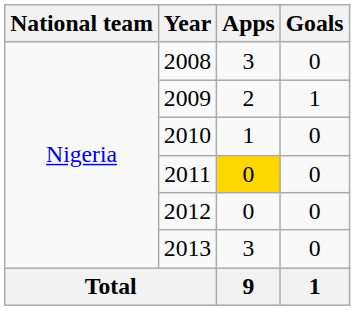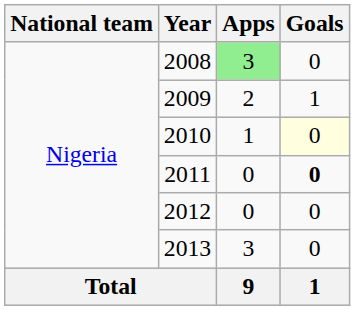 <table class="wikitable" style="text-align:center">
 <tr>
 <th>National team</th>
 <th>Year</th>
 <th>Apps</th>
 <th>Goals</th>
 </tr>
 <tr>
 <td rowspan="6"><a href='#'>Nigeria</a></td>
 <td>2008</td>
-<td>3</td>
+<td style="background: lightgreen;">3</td>
 <td>0</td>
 </tr>
 <tr>
 <td>2009</td>
 <td>2</td>
 <td>1</td>
 </tr>
 <tr>
 <td>2010</td>
 <td>1</td>
-<td>0</td>
+<td style="background: lightyellow;">0</td>
 </tr>
 <tr>
 <td>2011</td>
-<td style="background: gold;">0</td>
 <td>0</td>
+<td><strong>0</strong></td>
 </tr>
 <tr>
 <td>2012</td>
 <td>0</td>
 <td>0</td>
 </tr>
 <tr>
 <td>2013</td>
 <td>3</td>
 <td>0</td>
 </tr>
 <tr>
 <th colspan="2">Total</th>
 <th>9</th>
 <th>1</th>
 </tr>
 </table>
